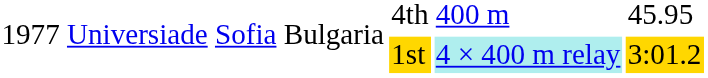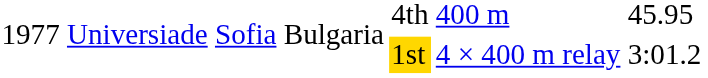 <table>
 <tr>
 <td rowspan=2>1977</td>
 <td rowspan=2><a href='#'>Universiade</a></td>
 <td rowspan=2><a href='#'>Sofia</a> Bulgaria</td>
 <td>4th</td>
 <td><a href='#'>400 m</a></td>
 <td>45.95</td>
 </tr>
 <tr>
 <td bgcolor=gold>1st</td>
-<td style="background: paleturquoise;"><a href='#'>4 × 400 m relay</a></td>
-<td style="background: gold;">3:01.2 </td>
+<td><a href='#'>4 × 400 m relay</a></td>
+<td>3:01.2 </td>
 </tr>
 </table>
